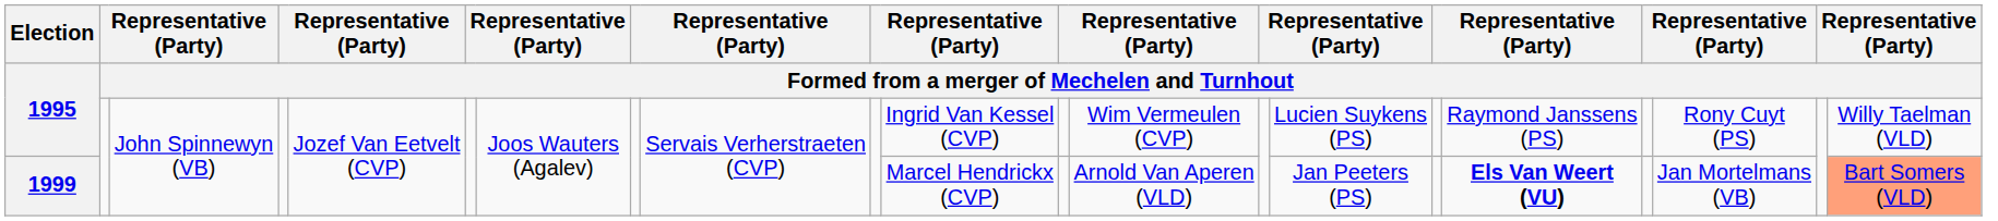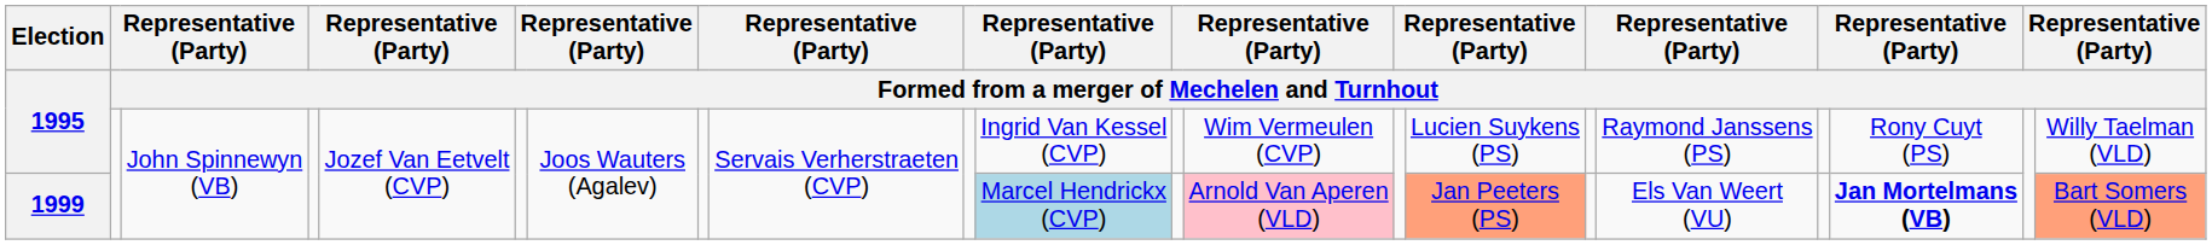 <table class="wikitable" style="text-align:center">
 <tr>
 <th>Election</th>
 <th colspan=2>Representative<br>(Party)</th>
 <th colspan=2>Representative<br>(Party)</th>
 <th colspan=2>Representative<br>(Party)</th>
 <th colspan=2>Representative<br>(Party)</th>
 <th colspan=2>Representative<br>(Party)</th>
 <th colspan=2>Representative<br>(Party)</th>
 <th colspan=2>Representative<br>(Party)</th>
 <th colspan=2>Representative<br>(Party)</th>
 <th colspan=2>Representative<br>(Party)</th>
 <th colspan=2>Representative<br>(Party)</th>
 </tr>
 <tr>
 <th rowspan=2><a href='#'>1995</a></th>
 <th colspan=20>Formed from a merger of <a href='#'>Mechelen</a> and <a href='#'>Turnhout</a></th>
 </tr>
 <tr>
 <td rowspan=2; style="background-color: "></td>
 <td rowspan=2><a href='#'>John Spinnewyn</a><br>(<a href='#'>VB</a>)</td>
 <td rowspan=2; style="background-color: "></td>
 <td rowspan=2><a href='#'>Jozef Van Eetvelt</a><br>(<a href='#'>CVP</a>)</td>
 <td rowspan=2; style="background-color: "></td>
 <td rowspan=2><a href='#'>Joos Wauters</a><br>(Agalev)</td>
 <td rowspan=2; style="background-color: "></td>
 <td rowspan=2><a href='#'>Servais Verherstraeten</a><br>(<a href='#'>CVP</a>)</td>
 <td rowspan=2; style="background-color: "></td>
 <td rowspan=1><a href='#'>Ingrid Van Kessel</a><br>(<a href='#'>CVP</a>)</td>
 <td rowspan=1; style="background-color: "></td>
 <td rowspan=1><a href='#'>Wim Vermeulen</a><br>(<a href='#'>CVP</a>)</td>
 <td rowspan=2; style="background-color: "></td>
 <td rowspan=1><a href='#'>Lucien Suykens</a><br>(<a href='#'>PS</a>)</td>
 <td rowspan=1; style="background-color: "></td>
 <td rowspan=1><a href='#'>Raymond Janssens</a><br>(<a href='#'>PS</a>)</td>
 <td rowspan=1; style="background-color: "></td>
 <td rowspan=1><a href='#'>Rony Cuyt</a><br>(<a href='#'>PS</a>)</td>
 <td rowspan=2; style="background-color: "></td>
 <td rowspan=1><a href='#'>Willy Taelman</a><br>(<a href='#'>VLD</a>)</td>
 </tr>
 <tr>
 <th><a href='#'>1999</a></th>
-<td rowspan=1><a href='#'>Marcel Hendrickx</a><br>(<a href='#'>CVP</a>)</td>
+<td rowspan=1 style="background: lightblue;"><a href='#'>Marcel Hendrickx</a><br>(<a href='#'>CVP</a>)</td>
 <td rowspan=1; style="background-color: "></td>
-<td rowspan=1><a href='#'>Arnold Van Aperen</a><br>(<a href='#'>VLD</a>)</td>
-<td rowspan=1><a href='#'>Jan Peeters</a><br>(<a href='#'>PS</a>)</td>
+<td rowspan=1 style="background: pink;"><a href='#'>Arnold Van Aperen</a><br>(<a href='#'>VLD</a>)</td>
+<td rowspan=1 style="background: lightsalmon;"><a href='#'>Jan Peeters</a><br>(<a href='#'>PS</a>)</td>
 <td rowspan=1; style="background-color: "></td>
-<td rowspan=1><strong><a href='#'>Els Van Weert</a><br>(<a href='#'>VU</a>)</strong></td>
+<td rowspan=1><a href='#'>Els Van Weert</a><br>(<a href='#'>VU</a>)</td>
 <td rowspan=1; style="background-color: "></td>
-<td rowspan=1><a href='#'>Jan Mortelmans</a><br>(<a href='#'>VB</a>)</td>
+<td rowspan=1><strong><a href='#'>Jan Mortelmans</a><br>(<a href='#'>VB</a>)</strong></td>
 <td rowspan=1 style="background: lightsalmon;"><a href='#'>Bart Somers</a><br>(<a href='#'>VLD</a>)</td>
 </tr>
 </table>
